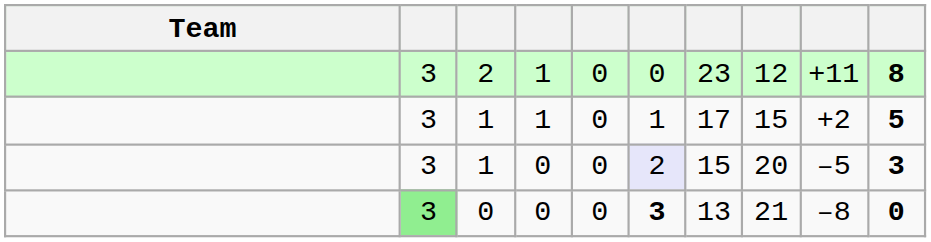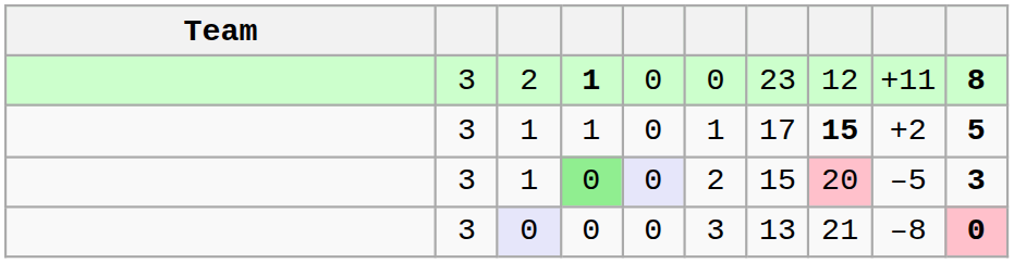 <table class="wikitable" style="text-align: center;">
 <tr style="background:#ccffcc;">
 <th style="width:175px;">Team</th>
 <th width="20"></th>
 <th width="20"></th>
 <th width="20"></th>
 <th width="20"></th>
 <th width="20"></th>
 <th width="20"></th>
 <th width="20"></th>
 <th width="25"></th>
 <th width="20"></th>
 </tr>
 <tr style="background:#ccffcc;">
 <td align=left></td>
 <td>3</td>
 <td>2</td>
-<td>1</td>
+<td><strong>1</strong></td>
 <td>0</td>
 <td>0</td>
 <td>23</td>
 <td>12</td>
 <td>+11</td>
 <td><strong>8</strong></td>
 </tr>
 <tr>
 <td align=left></td>
 <td>3</td>
 <td>1</td>
 <td>1</td>
 <td>0</td>
 <td>1</td>
 <td>17</td>
-<td>15</td>
+<td><strong>15</strong></td>
 <td>+2</td>
 <td><strong>5</strong></td>
 </tr>
 <tr>
 <td align=left></td>
 <td>3</td>
 <td>1</td>
-<td>0</td>
-<td>0</td>
-<td style="background: lavender;">2</td>
+<td style="background: lightgreen;">0</td>
+<td style="background: lavender;">0</td>
+<td>2</td>
 <td>15</td>
-<td>20</td>
+<td style="background: pink;">20</td>
 <td>–5</td>
 <td><strong>3</strong></td>
 </tr>
 <tr>
 <td align=left></td>
-<td style="background: lightgreen;">3</td>
+<td>3</td>
+<td style="background: lavender;">0</td>
 <td>0</td>
 <td>0</td>
-<td>0</td>
-<td><strong>3</strong></td>
+<td>3</td>
 <td>13</td>
 <td>21</td>
 <td>–8</td>
-<td><strong>0</strong></td>
+<td style="background: pink;"><strong>0</strong></td>
 </tr>
 </table>
